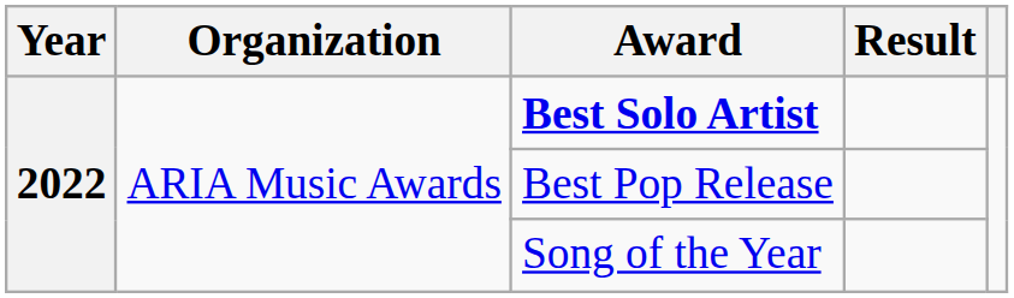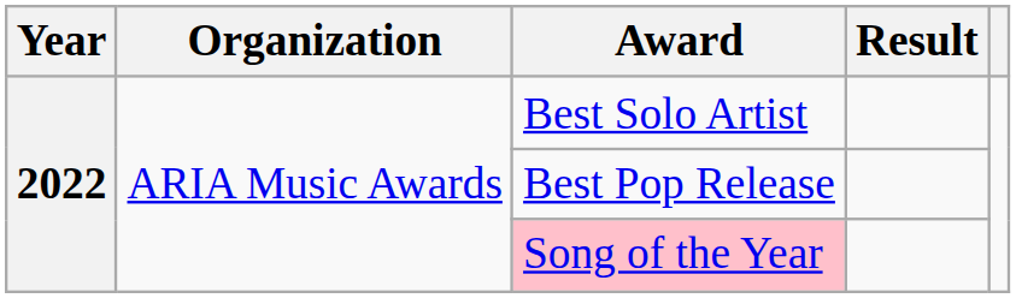 <table class="wikitable plainrowheaders">
 <tr>
 <th scope="col">Year</th>
 <th scope="col">Organization</th>
 <th scope="col">Award</th>
 <th scope="col">Result</th>
 <th scope="col"></th>
 </tr>
 <tr>
 <th rowspan="3" scope="row">2022</th>
 <td rowspan="3"><a href='#'>ARIA Music Awards</a></td>
-<td><strong><a href='#'>Best Solo Artist</a></strong></td>
+<td><a href='#'>Best Solo Artist</a></td>
 <td></td>
 <td rowspan="3" style="text-align:center;"></td>
 </tr>
 <tr>
 <td><a href='#'>Best Pop Release</a></td>
 <td></td>
 </tr>
 <tr>
-<td><a href='#'>Song of the Year</a></td>
+<td style="background: pink;"><a href='#'>Song of the Year</a></td>
 <td></td>
 </tr>
 </table>
